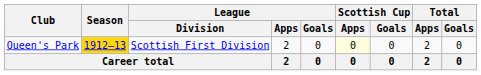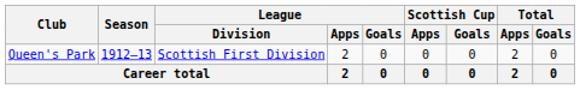 <table class="wikitable" style="text-align: center;">
 <tr>
 <th rowspan="2">Club</th>
 <th rowspan="2">Season</th>
 <th colspan="3">League</th>
 <th colspan="2">Scottish Cup</th>
 <th colspan="2">Total</th>
 </tr>
 <tr>
 <th>Division</th>
 <th>Apps</th>
 <th>Goals</th>
 <th>Apps</th>
 <th>Goals</th>
 <th>Apps</th>
 <th>Goals</th>
 </tr>
 <tr>
 <td><a href='#'>Queen's Park</a></td>
-<td style="background: gold;"><a href='#'>1912–13</a></td>
+<td><a href='#'>1912–13</a></td>
 <td><a href='#'>Scottish First Division</a></td>
 <td>2</td>
 <td>0</td>
-<td style="background: lightyellow;">0</td>
+<td>0</td>
 <td>0</td>
 <td>2</td>
 <td>0</td>
 </tr>
 <tr>
 <th colspan="3">Career total</th>
 <th>2</th>
 <th>0</th>
 <th>0</th>
 <th>0</th>
 <th>2</th>
 <th>0</th>
 </tr>
 </table>
